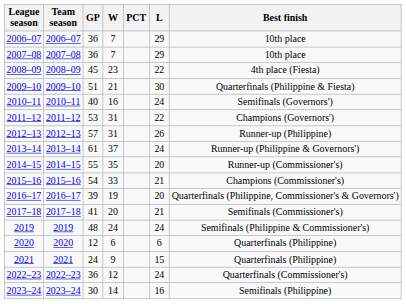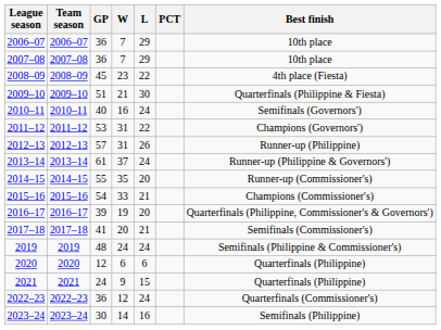 <table class=wikitable style="text-align:center;">
 <tr>
 <th>League<br>season</th>
 <th>Team<br>season</th>
 <th width=25>GP</th>
 <th width=25>W</th>
+<th width=25>L</th>
 <th width=35>PCT</th>
-<th width=25>L</th>
 <th>Best finish</th>
 </tr>
 <tr>
 <td><a href='#'>2006–07</a></td>
 <td><a href='#'>2006–07</a></td>
 <td>36</td>
 <td>7</td>
+<td>29</td>
 <td></td>
-<td>29</td>
 <td>10th place</td>
 </tr>
 <tr>
 <td><a href='#'>2007–08</a></td>
 <td><a href='#'>2007–08</a></td>
 <td>36</td>
 <td>7</td>
+<td>29</td>
 <td></td>
-<td>29</td>
 <td>10th place</td>
 </tr>
 <tr>
 <td><a href='#'>2008–09</a></td>
 <td><a href='#'>2008–09</a></td>
 <td>45</td>
 <td>23</td>
+<td>22</td>
 <td></td>
-<td>22</td>
 <td>4th place (Fiesta)</td>
 </tr>
 <tr>
 <td><a href='#'>2009–10</a></td>
 <td><a href='#'>2009–10</a></td>
 <td>51</td>
 <td>21</td>
+<td>30</td>
 <td></td>
-<td>30</td>
 <td>Quarterfinals (Philippine & Fiesta)</td>
 </tr>
 <tr>
 <td><a href='#'>2010–11</a></td>
 <td><a href='#'>2010–11</a></td>
 <td>40</td>
 <td>16</td>
+<td>24</td>
 <td></td>
-<td>24</td>
 <td>Semifinals (Governors')</td>
 </tr>
 <tr>
 <td><a href='#'>2011–12</a></td>
 <td><a href='#'>2011–12</a></td>
 <td>53</td>
 <td>31</td>
+<td>22</td>
 <td></td>
-<td>22</td>
 <td>Champions (Governors')</td>
 </tr>
 <tr>
 <td><a href='#'>2012–13</a></td>
 <td><a href='#'>2012–13</a></td>
 <td>57</td>
 <td>31</td>
+<td>26</td>
 <td></td>
-<td>26</td>
 <td>Runner-up (Philippine)</td>
 </tr>
 <tr>
 <td><a href='#'>2013–14</a></td>
 <td><a href='#'>2013–14</a></td>
 <td>61</td>
 <td>37</td>
+<td>24</td>
 <td></td>
-<td>24</td>
 <td>Runner-up (Philippine & Governors')</td>
 </tr>
 <tr>
 <td><a href='#'>2014–15</a></td>
 <td><a href='#'>2014–15</a></td>
 <td>55</td>
 <td>35</td>
+<td>20</td>
 <td></td>
-<td>20</td>
 <td>Runner-up (Commissioner's)</td>
 </tr>
 <tr>
 <td><a href='#'>2015–16</a></td>
 <td><a href='#'>2015–16</a></td>
 <td>54</td>
 <td>33</td>
+<td>21</td>
 <td></td>
-<td>21</td>
 <td>Champions (Commissioner's)</td>
 </tr>
 <tr>
 <td><a href='#'>2016–17</a></td>
 <td><a href='#'>2016–17</a></td>
 <td>39</td>
 <td>19</td>
+<td>20</td>
 <td></td>
-<td>20</td>
 <td>Quarterfinals (Philippine, Commissioner's & Governors')</td>
 </tr>
 <tr>
 <td><a href='#'>2017–18</a></td>
 <td><a href='#'>2017–18</a></td>
 <td>41</td>
 <td>20</td>
+<td>21</td>
 <td></td>
-<td>21</td>
 <td>Semifinals (Commissioner's)</td>
 </tr>
 <tr>
 <td><a href='#'>2019</a></td>
 <td><a href='#'>2019</a></td>
 <td>48</td>
 <td>24</td>
+<td>24</td>
 <td></td>
-<td>24</td>
 <td>Semifinals (Philippine & Commissioner's)</td>
 </tr>
 <tr>
 <td><a href='#'>2020</a></td>
 <td><a href='#'>2020</a></td>
 <td>12</td>
 <td>6</td>
+<td>6</td>
 <td></td>
-<td>6</td>
 <td>Quarterfinals (Philippine)</td>
 </tr>
 <tr>
 <td><a href='#'>2021</a></td>
 <td><a href='#'>2021</a></td>
 <td>24</td>
 <td>9</td>
+<td>15</td>
 <td></td>
-<td>15</td>
 <td>Quarterfinals (Philippine)</td>
 </tr>
 <tr>
 <td><a href='#'>2022–23</a></td>
 <td><a href='#'>2022–23</a></td>
 <td>36</td>
 <td>12</td>
+<td>24</td>
 <td></td>
-<td>24</td>
 <td>Quarterfinals (Commissioner's)</td>
 </tr>
 <tr>
 <td><a href='#'>2023–24</a></td>
 <td><a href='#'>2023–24</a></td>
 <td>30</td>
 <td>14</td>
+<td>16</td>
 <td></td>
-<td>16</td>
 <td>Semifinals (Philippine)</td>
 </tr>
 </table>
